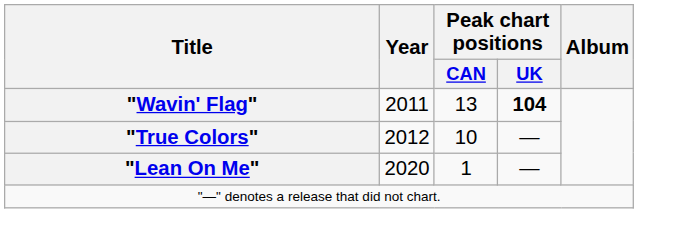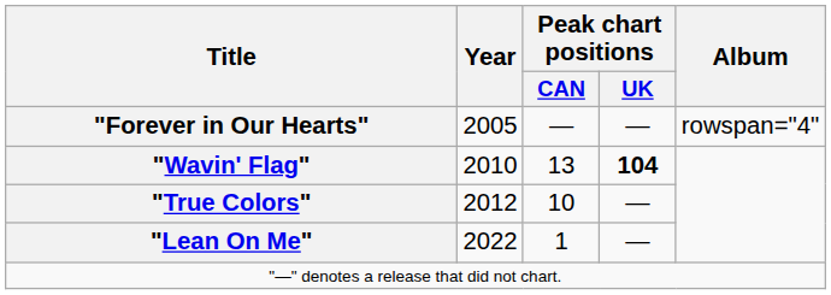 <table class="wikitable plainrowheaders" style="text-align:center;">
 <tr>
 <th scope="col" rowspan="2" style="width:18em;">Title</th>
 <th scope="col" rowspan="2" style="width:1em;">Year</th>
 <th scope="col" colspan="2">Peak chart positions</th>
 <th scope="col" rowspan="2">Album</th>
 </tr>
 <tr>
 <th style="width:3em;font-size:90%"><a href='#'>CAN</a><br></th>
 <th style="width:3em;font-size:90%"><a href='#'>UK</a><br></th>
 </tr>
 <tr>
+<th scope="row">"Forever in Our Hearts"<br></th>
+<td>2005</td>
+<td>—</td>
+<td>—</td>
+<td>rowspan="4" </td>
+</tr>
+<tr>
 <th scope="row">"<a href='#'>Wavin' Flag</a>"<br></th>
-<td>2011</td>
+<td>2010</td>
 <td>13</td>
 <td><strong>104</strong></td>
 </tr>
 <tr>
 <th scope="row">"<a href='#'>True Colors</a>"<br></th>
 <td>2012</td>
 <td>10</td>
 <td>—</td>
 </tr>
 <tr>
 <th scope="row">"<a href='#'>Lean On Me</a>"<br></th>
-<td>2020</td>
+<td>2022</td>
 <td>1</td>
 <td>—</td>
 </tr>
 <tr>
 <td align="center" colspan="5" style="font-size: 8pt">"—" denotes a release that did not chart.</td>
 </tr>
 </table>
